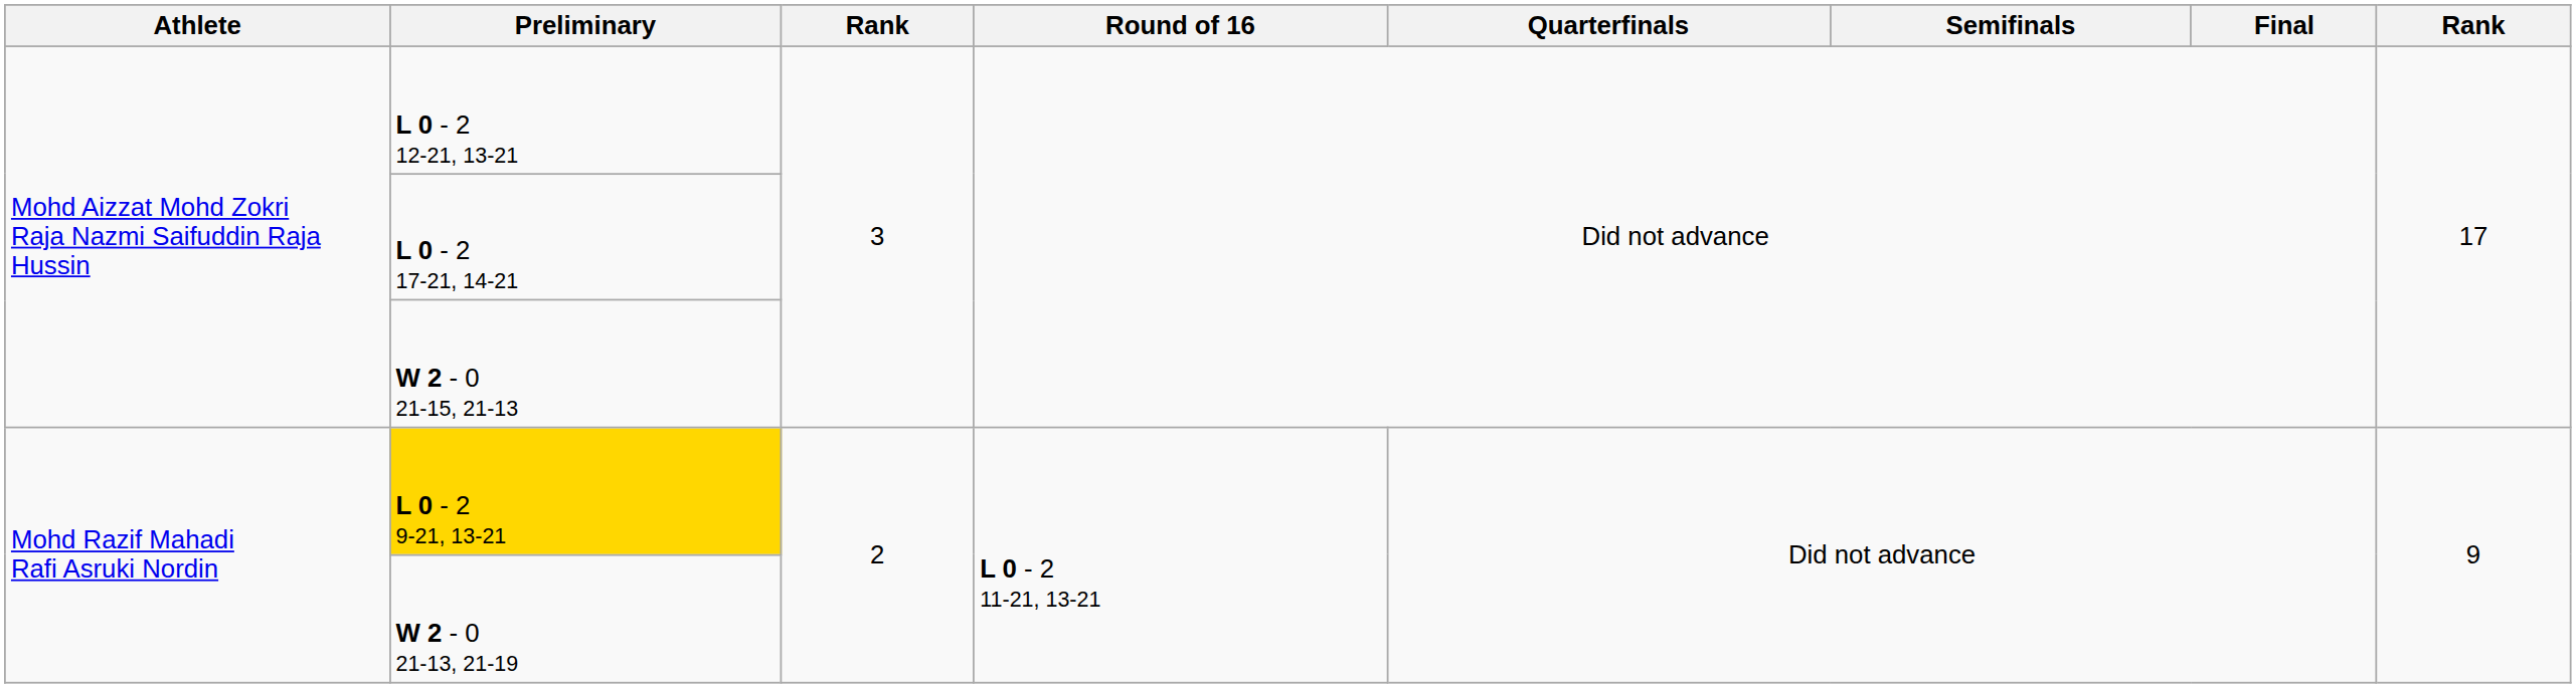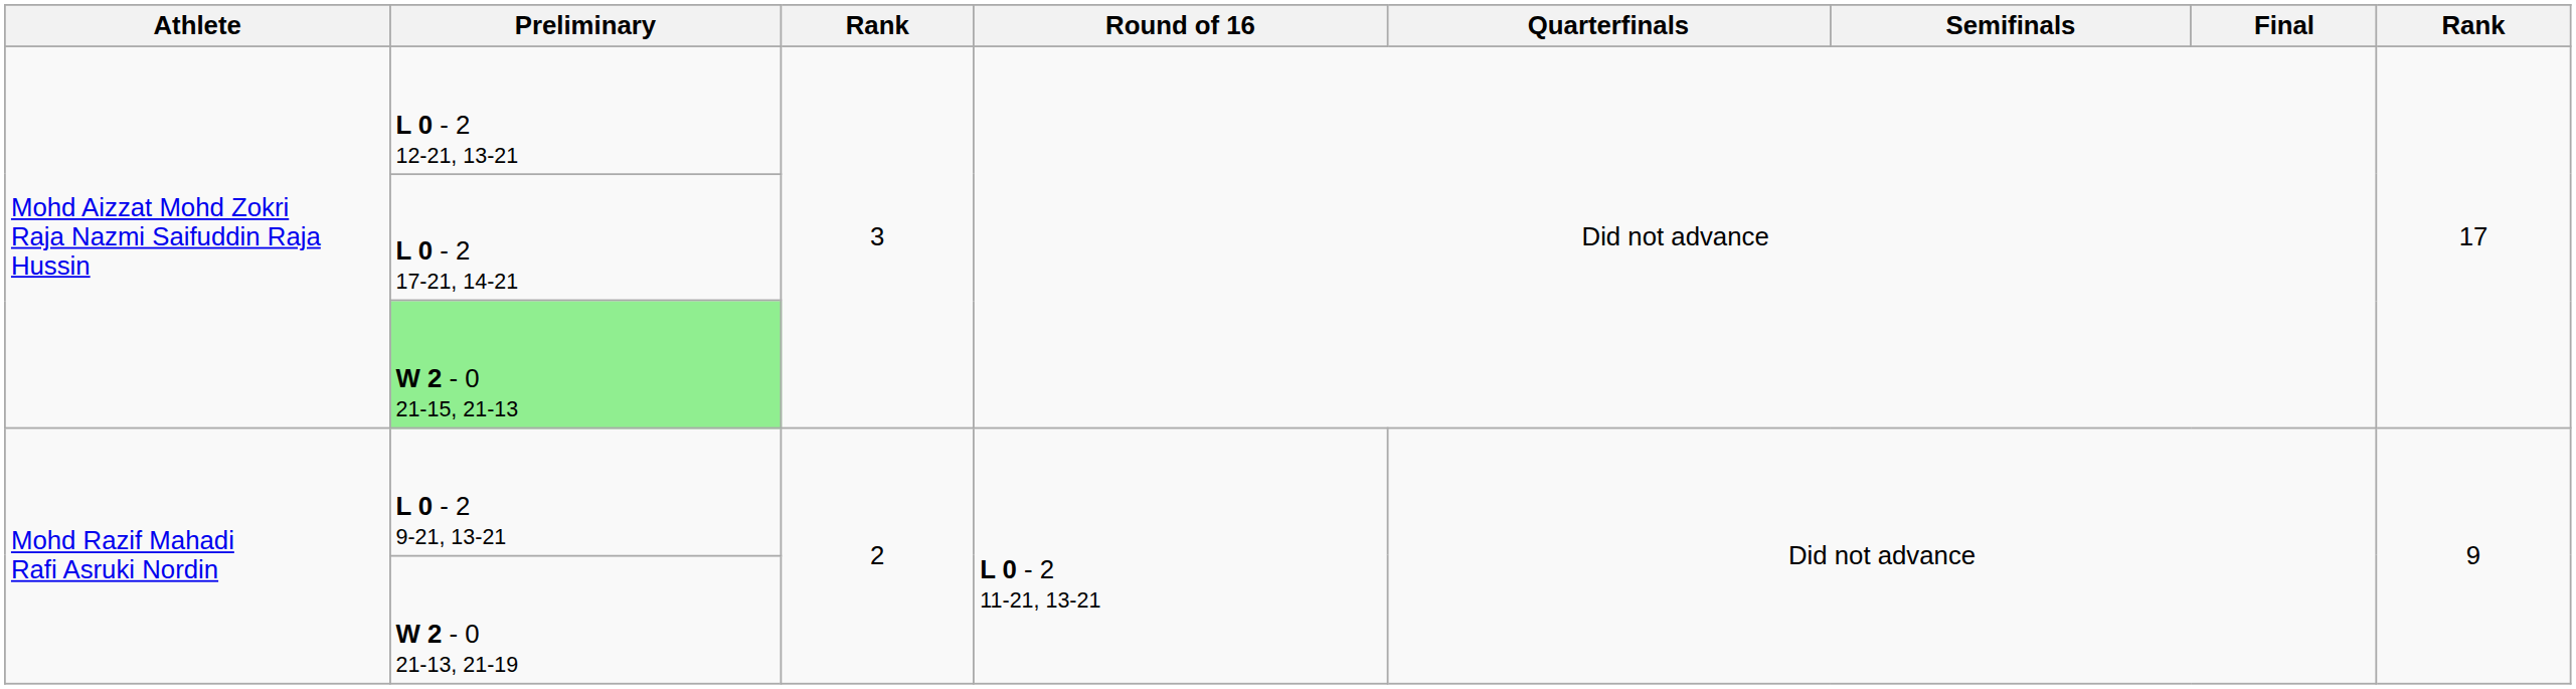 <table class=wikitable width="90%" style="font-size:90%; text-align:center">
 <tr>
 <th width="15%">Athlete</th>
 <th>Preliminary</th>
 <th>Rank</th>
 <th>Round of 16</th>
 <th>Quarterfinals</th>
 <th>Semifinals</th>
 <th>Final</th>
 <th>Rank</th>
 </tr>
 <tr>
 <td rowspan=3 align=left><a href='#'>Mohd Aizzat Mohd Zokri</a><br><a href='#'>Raja Nazmi Saifuddin Raja Hussin</a></td>
 <td align=left><br><br><strong>L 0</strong> - 2<br><small>12-21, 13-21</small></td>
 <td rowspan=3>3</td>
 <td rowspan=3 colspan="4">Did not advance</td>
 <td rowspan=3>17</td>
 </tr>
 <tr>
 <td align=left><br><br><strong>L 0</strong> - 2<br><small>17-21, 14-21</small></td>
 </tr>
 <tr>
-<td align=left><br><br><strong>W 2</strong> - 0<br><small>21-15, 21-13</small></td>
+<td align=left style="background: lightgreen;"><br><br><strong>W 2</strong> - 0<br><small>21-15, 21-13</small></td>
 </tr>
 <tr>
 <td rowspan=2 align=left><a href='#'>Mohd Razif Mahadi</a><br><a href='#'>Rafi Asruki Nordin</a></td>
-<td align=left style="background: gold;"><br><br><strong>L 0</strong> - 2<br><small>9-21, 13-21</small></td>
+<td align=left><br><br><strong>L 0</strong> - 2<br><small>9-21, 13-21</small></td>
 <td rowspan=2>2 <strong></strong></td>
 <td align=left rowspan=3><br><br><strong>L 0</strong> - 2<br><small>11-21, 13-21</small></td>
 <td rowspan=2 colspan="3">Did not advance</td>
 <td rowspan=2>9</td>
 </tr>
 <tr>
 <td align=left><br><br><strong>W 2</strong> - 0<br><small>21-13, 21-19</small></td>
 </tr>
 </table>
